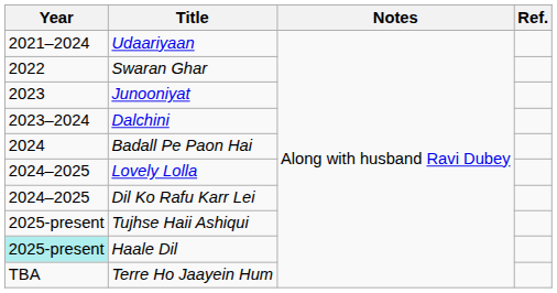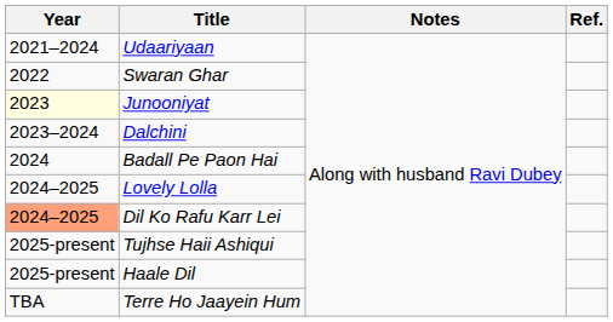 <table class="wikitable sortable">
 <tr>
 <th scope="col">Year</th>
 <th scope="col">Title</th>
 <th scope="col">Notes</th>
 <th scope="col" class="unsortable">Ref.</th>
 </tr>
 <tr>
 <td>2021–2024</td>
 <td><em><a href='#'>Udaariyaan</a></em></td>
 <td rowspan="10">Along with husband <a href='#'>Ravi Dubey</a></td>
 <td style="text-align:center;"></td>
 </tr>
 <tr>
 <td>2022</td>
 <td><em>Swaran Ghar</em></td>
 <td></td>
 </tr>
 <tr>
-<td>2023</td>
+<td style="background: lightyellow;">2023</td>
 <td><em><a href='#'>Junooniyat</a></em></td>
 <td></td>
 </tr>
 <tr>
 <td>2023–2024</td>
 <td><em><a href='#'>Dalchini</a></em></td>
 <td style="text-align:center;"></td>
 </tr>
 <tr>
 <td>2024</td>
 <td><em>Badall Pe Paon Hai</em></td>
 <td style="text-align:center;"></td>
 </tr>
 <tr>
 <td>2024–2025</td>
 <td><em><a href='#'>Lovely Lolla</a></em></td>
 <td></td>
 </tr>
 <tr>
-<td>2024–2025</td>
+<td style="background: lightsalmon;">2024–2025</td>
 <td><em>Dil Ko Rafu Karr Lei</em></td>
 <td></td>
 </tr>
 <tr>
 <td>2025-present</td>
 <td><em>Tujhse Haii Ashiqui</em></td>
 <td></td>
 </tr>
 <tr>
-<td style="background: paleturquoise;">2025-present</td>
+<td>2025-present</td>
 <td><em>Haale Dil</em></td>
 <td></td>
 </tr>
 <tr>
 <td>TBA</td>
 <td><em>Terre Ho Jaayein Hum</em></td>
 <td></td>
 </tr>
 </table>
